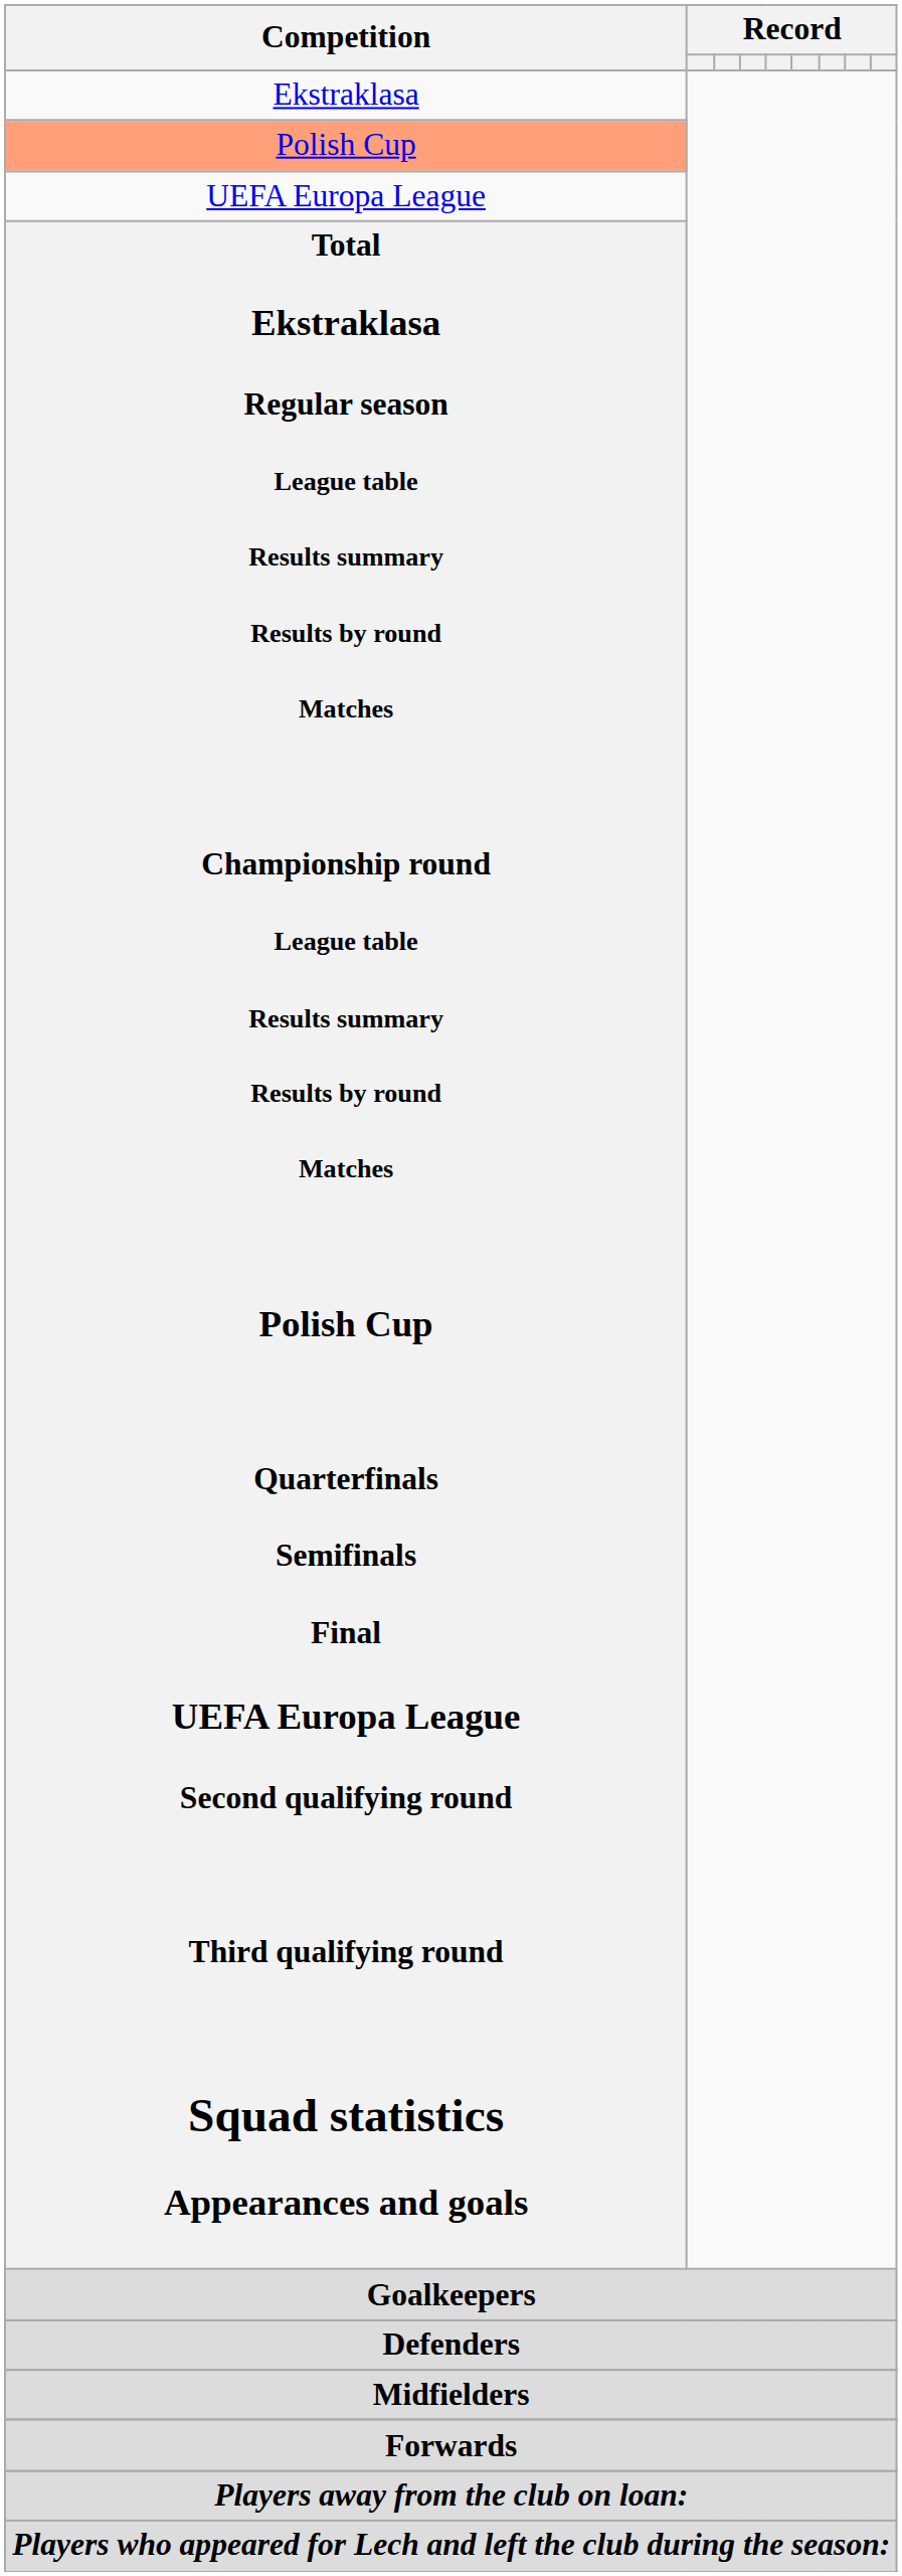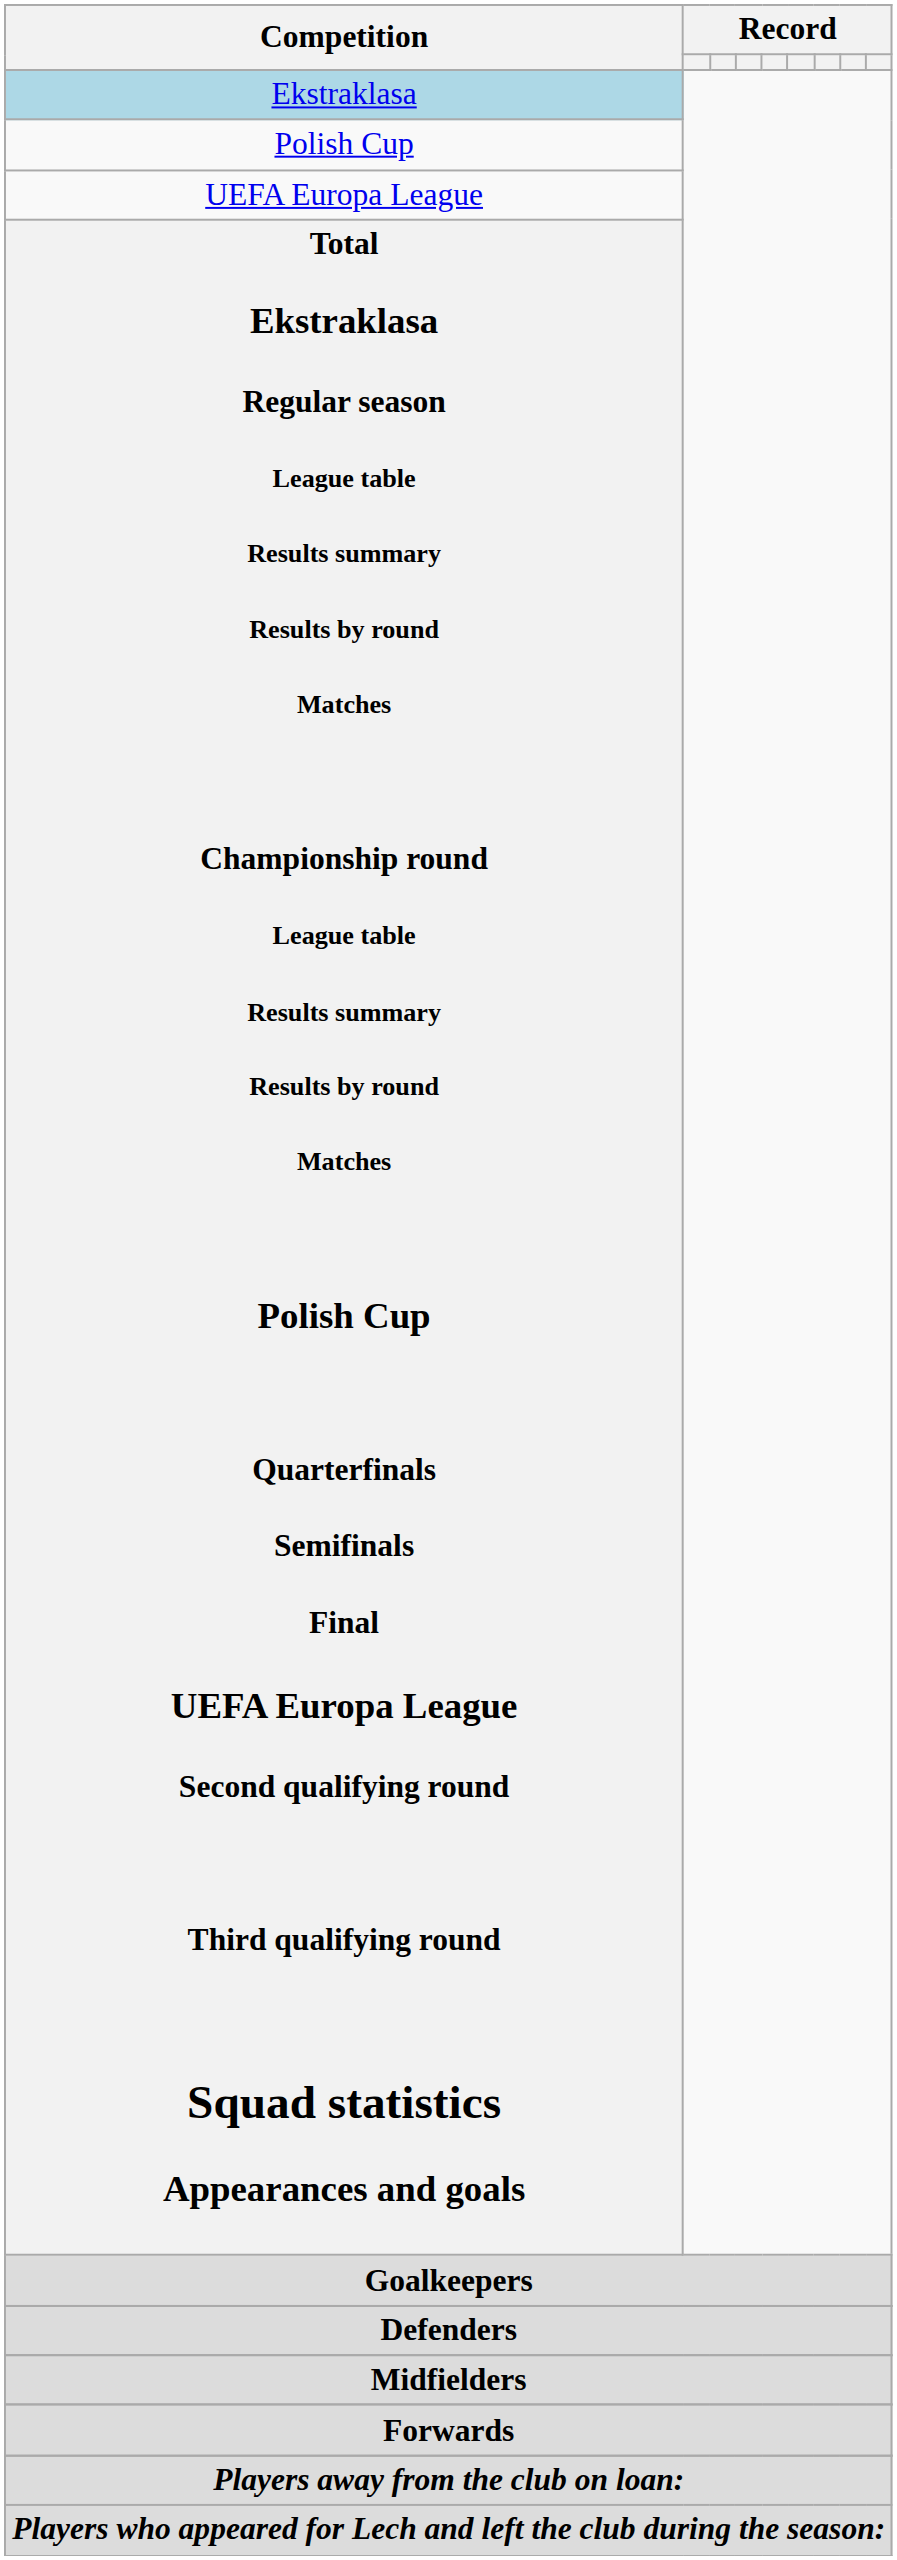 <table class="wikitable" style="text-align: center">
 <tr>
 <th rowspan=2>Competition</th>
 <th colspan=8>Record</th>
 </tr>
 <tr>
 <th></th>
 <th></th>
 <th></th>
 <th></th>
 <th></th>
 <th></th>
 <th></th>
 <th></th>
 </tr>
 <tr>
-<td><a href='#'>Ekstraklasa</a><br></td>
+<td style="background: lightblue;"><a href='#'>Ekstraklasa</a><br></td>
 </tr>
 <tr>
-<td style="background: lightsalmon;"><a href='#'>Polish Cup</a><br></td>
+<td><a href='#'>Polish Cup</a><br></td>
 </tr>
 <tr>
 <td><a href='#'>UEFA Europa League</a><br></td>
 </tr>
 <tr>
 <th>Total<br> <h3>Ekstraklasa</h3><h4>Regular season</h4><h5>League table</h5><h5>Results summary</h5> <h5>Results by round</h5><h5>Matches</h5>  <br>                             <h4>Championship round</h4><h5>League table</h5><h5>Results summary</h5> <h5>Results by round</h5><h5>Matches</h5>  <br>      <h3>Polish Cup</h3><br> <h4>Quarterfinals</h4> <h4>Semifinals</h4> <h4>Final</h4><h3>UEFA Europa League</h3><h4>Second qualifying round</h4><br> <h4>Third qualifying round</h4><br> <h2>Squad statistics</h2><h3>Appearances and goals</h3></th>
 </tr>
 <tr>
 <th colspan=14 style=background:#dcdcdc; text-align:center>Goalkeepers</th>
 </tr>
 <tr>
 </tr>
 <tr>
 <th colspan=14 style=background:#dcdcdc; text-align:center>Defenders</th>
 </tr>
 <tr>
 </tr>
 <tr>
 <th colspan=14 style=background:#dcdcdc; text-align:center>Midfielders</th>
 </tr>
 <tr>
 </tr>
 <tr>
 <th colspan=14 style=background:#dcdcdc; text-align:center>Forwards</th>
 </tr>
 <tr>
 </tr>
 <tr>
 <th colspan="12" style=background:#dcdcdc; text-align:center><em>Players away from the club on loan:</em></th>
 </tr>
 <tr>
 <th colspan="12" style=background:#dcdcdc; text-align:center><em>Players who appeared for Lech and left the club during the season:</em></th>
 </tr>
 <tr>
 </tr>
 </table>
